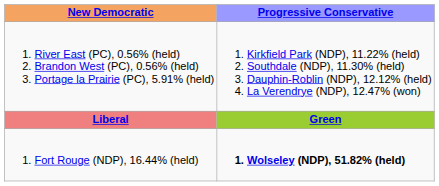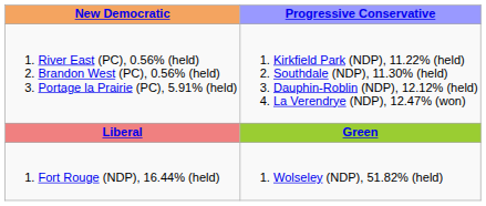 <table class="wikitable">
 <tr>
 <th style="background:sandybrown;"><a href='#'>New Democratic</a></th>
 <th style="background:#99f;"><a href='#'>Progressive Conservative</a></th>
 </tr>
 <tr valign="top">
 <td><br><ol><li><a href='#'>River East</a> (PC), 0.56% (held)</li><li><a href='#'>Brandon West</a> (PC), 0.56% (held)</li><li><a href='#'>Portage la Prairie</a> (PC), 5.91% (held)</li></ol></td>
 <td><br><ol><li><a href='#'>Kirkfield Park</a> (NDP), 11.22% (held)</li><li><a href='#'>Southdale</a> (NDP), 11.30% (held)</li><li><a href='#'>Dauphin-Roblin</a> (NDP), 12.12% (held)</li><li><a href='#'>La Verendrye</a> (NDP), 12.47% (won)</li></ol></td>
 </tr>
 <tr>
 <th style="background:lightcoral;"><a href='#'>Liberal</a></th>
 <th style="background:yellowgreen;"><a href='#'>Green</a></th>
 </tr>
 <tr valign="top">
 <td><br><ol><li><a href='#'>Fort Rouge</a> (NDP), 16.44% (held)</li></ol></td>
-<td><strong><br><ol><li><a href='#'>Wolseley</a> (NDP), 51.82% (held)</li></ol></strong></td>
+<td><br><ol><li><a href='#'>Wolseley</a> (NDP), 51.82% (held)</li></ol></td>
 </tr>
 </table>
